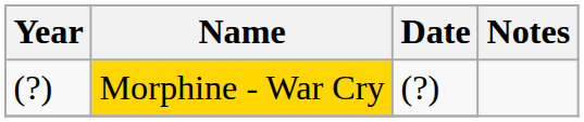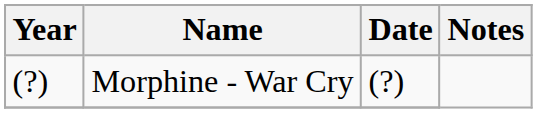 <table class="wikitable">
 <tr>
 <th>Year</th>
 <th>Name</th>
 <th>Date</th>
 <th>Notes</th>
 </tr>
 <tr>
 <td>(?)</td>
-<td style="background: gold;">Morphine - War Cry</td>
+<td>Morphine - War Cry</td>
 <td>(?)</td>
 </tr>
 <tr>
 </tr>
 </table>
